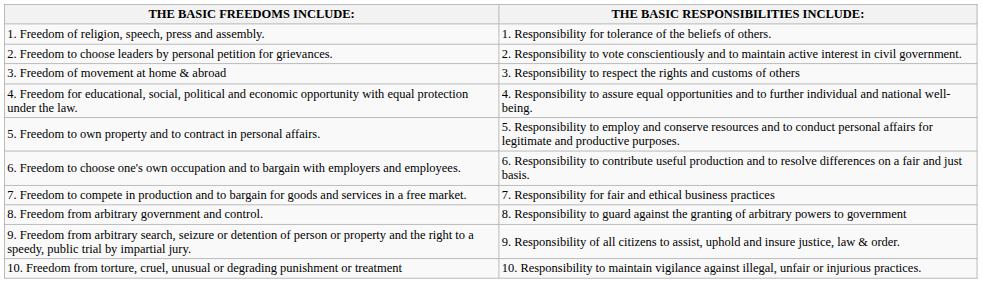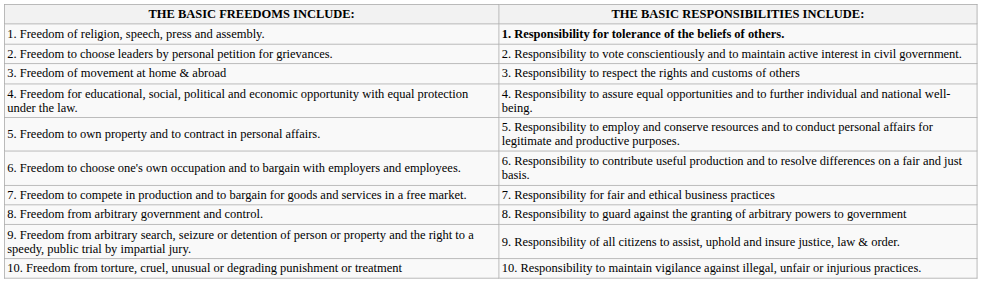 <table class="wikitable">
 <tr>
 <th>THE BASIC FREEDOMS INCLUDE:</th>
 <th>THE BASIC RESPONSIBILITIES INCLUDE:</th>
 </tr>
 <tr>
 <td>1. Freedom of religion, speech, press and assembly.</td>
-<td>1. Responsibility for tolerance of the beliefs of others.</td>
+<td><strong>1. Responsibility for tolerance of the beliefs of others.</strong></td>
 </tr>
 <tr>
 <td>2. Freedom to choose leaders by personal petition for grievances.</td>
 <td>2. Responsibility to vote conscientiously and to maintain active interest in civil government.</td>
 </tr>
 <tr>
 <td>3. Freedom of movement at home & abroad</td>
 <td>3. Responsibility to respect the rights and customs of others</td>
 </tr>
 <tr>
 <td>4. Freedom for educational, social, political and economic opportunity with equal protection under the law.</td>
 <td>4. Responsibility to assure equal opportunities and to further individual and national well-being.</td>
 </tr>
 <tr>
 <td>5. Freedom to own property and to contract in personal affairs.</td>
 <td>5. Responsibility to employ and conserve resources and to conduct personal affairs for legitimate and productive purposes.</td>
 </tr>
 <tr>
 <td>6. Freedom to choose one's own occupation and to bargain with employers and employees.</td>
 <td>6. Responsibility to contribute useful production and to resolve differences on a fair and just basis.</td>
 </tr>
 <tr>
 <td>7. Freedom to compete in production and to bargain for goods and services in a free market.</td>
 <td>7. Responsibility for fair and ethical business practices</td>
 </tr>
 <tr>
 <td>8. Freedom from arbitrary government and control.</td>
 <td>8. Responsibility to guard against the granting of arbitrary powers to government</td>
 </tr>
 <tr>
 <td>9. Freedom from arbitrary search, seizure or detention of person or property and the right to a speedy, public trial by impartial jury.</td>
 <td>9. Responsibility of all citizens to assist, uphold and insure justice, law & order.</td>
 </tr>
 <tr>
 <td>10. Freedom from torture, cruel, unusual or degrading punishment or treatment</td>
 <td>10. Responsibility to maintain vigilance against illegal, unfair or injurious practices.</td>
 </tr>
 </table>
